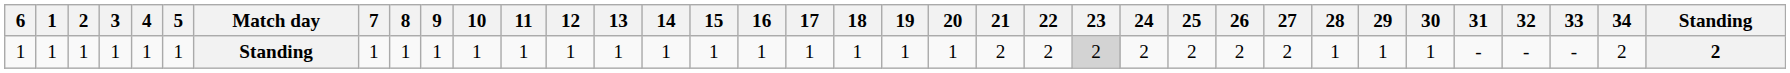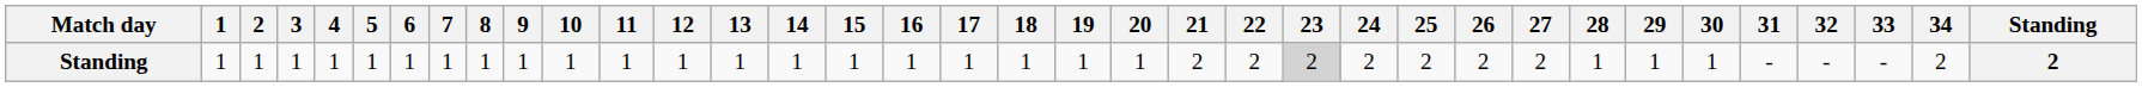 <table class="wikitable" style="width:100%; font-size:85%;">
 <tr valign=top>
-<th align=center>6</th>
+<th align=center>Match day</th>
 <th align=center>1</th>
 <th align=center>2</th>
 <th align=center>3</th>
 <th align=center>4</th>
 <th align=center>5</th>
-<th align=center>Match day</th>
+<th align=center>6</th>
 <th align=center>7</th>
 <th align=center>8</th>
 <th align=center>9</th>
 <th align=center>10</th>
 <th align=center>11</th>
 <th align=center>12</th>
 <th align=center>13</th>
 <th align=center>14</th>
 <th align=center>15</th>
 <th align=center>16</th>
 <th align=center>17</th>
 <th align=center>18</th>
 <th align=center>19</th>
 <th align=center>20</th>
 <th align=center>21</th>
 <th align=center>22</th>
 <th align=center>23</th>
 <th align=center>24</th>
 <th align=center>25</th>
 <th align=center>26</th>
 <th align=center>27</th>
 <th align=center>28</th>
 <th align=center>29</th>
 <th align=center>30</th>
 <th align=center>31</th>
 <th align=center>32</th>
 <th align=center>33</th>
 <th align=center>34</th>
 <th align=center>Standing</th>
 </tr>
 <tr>
+<th align=center>Standing</th>
 <td align=center>1</td>
 <td align=center>1</td>
 <td align=center>1</td>
 <td align=center>1</td>
 <td align=center>1</td>
 <td align=center>1</td>
-<th align=center>Standing</th>
 <td align=center>1</td>
 <td align=center>1</td>
 <td align=center>1</td>
 <td align=center>1</td>
 <td align=center>1</td>
 <td align=center>1</td>
 <td align=center>1</td>
 <td align=center>1</td>
 <td align=center>1</td>
 <td align=center>1</td>
 <td align=center>1</td>
 <td align=center>1</td>
 <td align=center>1</td>
 <td align=center>1</td>
 <td align=center>2</td>
 <td align=center>2</td>
 <td align=center style="background: lightgrey;">2</td>
 <td align=center>2</td>
 <td align=center>2</td>
 <td align=center>2</td>
 <td align=center>2</td>
 <td align=center>1</td>
 <td align=center>1</td>
 <td align=center>1</td>
 <td align=center>-</td>
 <td align=center>-</td>
 <td align=center>-</td>
 <td align=center>2</td>
 <th align="center">2</th>
 </tr>
 </table>
